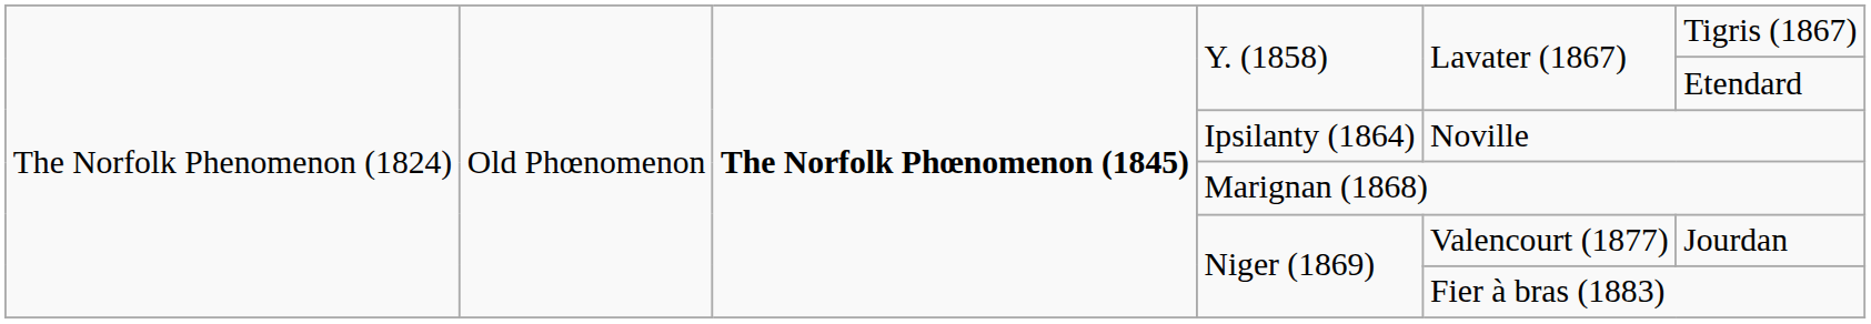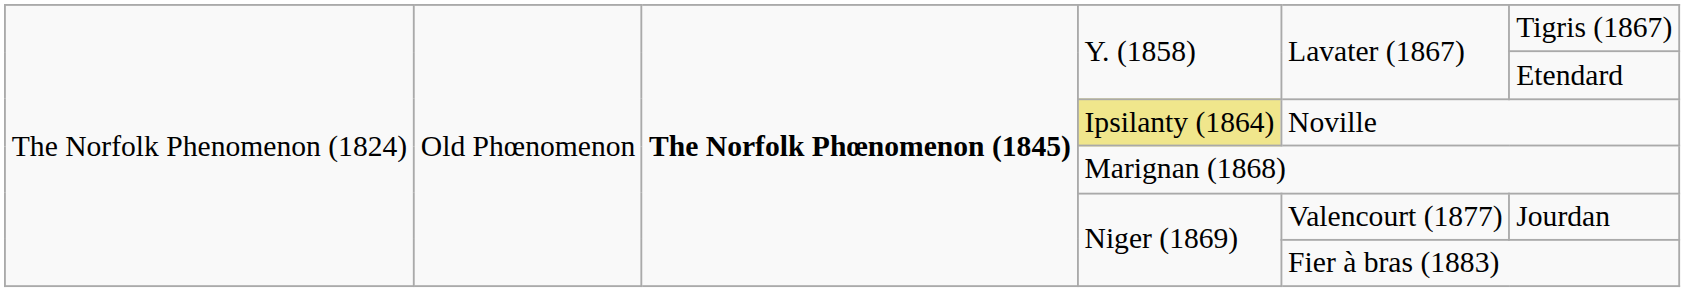 <table class="wikitable">
 <tr>
 <td rowspan="6">The Norfolk Phenomenon (1824)</td>
 <td rowspan="6">Old Phœnomenon</td>
 <td rowspan="6"><strong>The Norfolk Phœnomenon</strong> <strong>(1845)</strong></td>
 <td rowspan="2">Y. (1858)</td>
 <td rowspan="2">Lavater (1867)</td>
 <td>Tigris (1867)</td>
 </tr>
 <tr>
 <td>Etendard</td>
 </tr>
 <tr>
-<td>Ipsilanty (1864)</td>
+<td style="background: khaki;">Ipsilanty (1864)</td>
 <td colspan="2">Noville</td>
 </tr>
 <tr>
 <td colspan="3">Marignan (1868)</td>
 </tr>
 <tr>
 <td rowspan="2">Niger (1869)</td>
 <td>Valencourt (1877)</td>
 <td>Jourdan</td>
 </tr>
 <tr>
 <td colspan="2">Fier à bras (1883)</td>
 </tr>
 </table>
